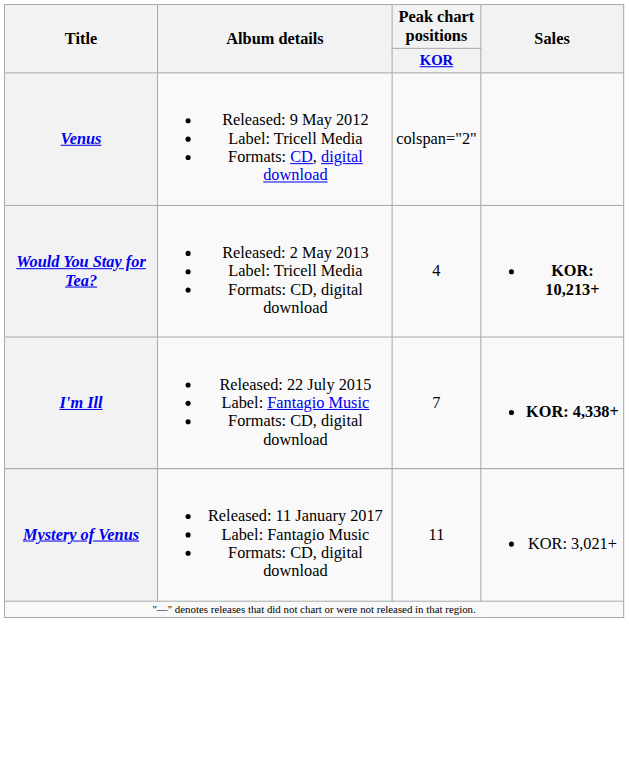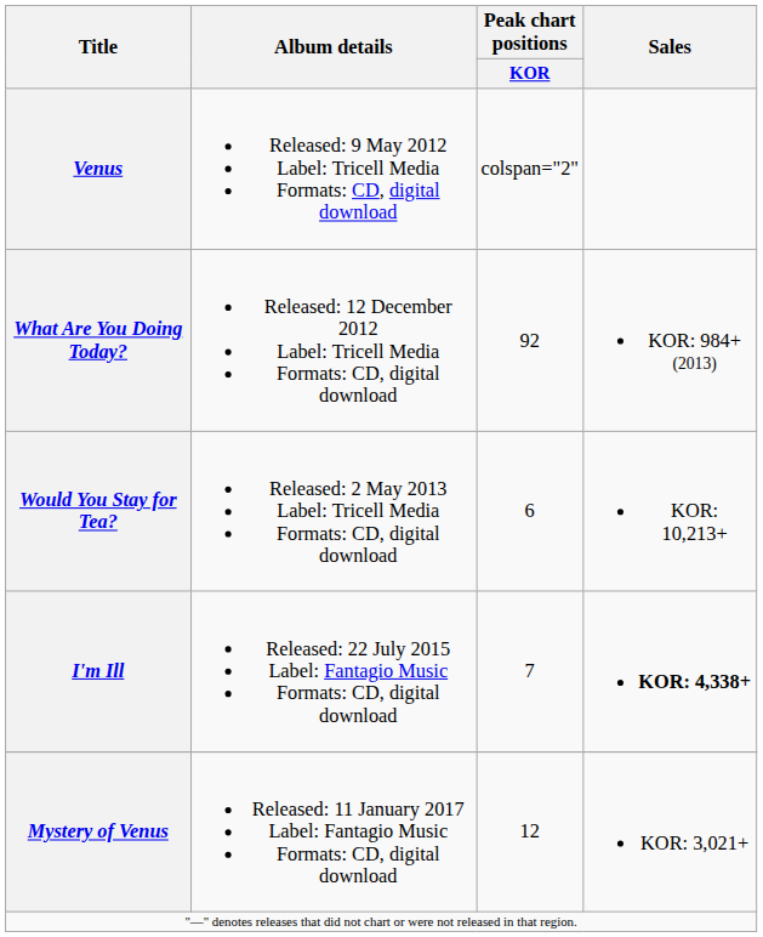 <table class="wikitable plainrowheaders" style="text-align:center;">
 <tr>
 <th scope="col" rowspan="2" style="width:15em;">Title</th>
 <th scope="col" rowspan="2" style="width:22em;">Album details</th>
 <th scope="col" colspan="1">Peak chart positions</th>
 <th scope="col" rowspan="2" style="width:11em;">Sales</th>
 </tr>
 <tr>
 <th scope="col" style="width:3em;font-size:90%;"><a href='#'>KOR</a><br></th>
 </tr>
 <tr>
 <th scope="row"><em><a href='#'>Venus</a></em></th>
 <td><br><ul><li>Released: 9 May 2012</li><li>Label: Tricell Media</li><li>Formats: <a href='#'>CD</a>, <a href='#'>digital download</a></li></ul></td>
 <td>colspan="2" </td>
 </tr>
 <tr>
+<th scope="row"><em><a href='#'>What Are You Doing Today?</a></em></th>
+<td><br><ul><li>Released: 12 December 2012</li><li>Label: Tricell Media</li><li>Formats: CD, digital download</li></ul></td>
+<td>92</td>
+<td><br><ul><li>KOR: 984+ <small>(2013)</small></li></ul></td>
+</tr>
+<tr>
 <th scope="row"><em><a href='#'>Would You Stay for Tea?</a></em></th>
 <td><br><ul><li>Released: 2 May 2013</li><li>Label: Tricell Media</li><li>Formats: CD, digital download</li></ul></td>
-<td>4</td>
-<td><strong><br><ul><li>KOR: 10,213+</li></ul></strong></td>
+<td>6</td>
+<td><br><ul><li>KOR: 10,213+</li></ul></td>
 </tr>
 <tr>
 <th scope="row"><em><a href='#'>I'm Ill</a></em></th>
 <td><br><ul><li>Released: 22 July 2015</li><li>Label: <a href='#'>Fantagio Music</a></li><li>Formats: CD, digital download</li></ul></td>
 <td>7</td>
 <td><strong><br><ul><li>KOR: 4,338+</li></ul></strong></td>
 </tr>
 <tr>
 </tr>
 <tr>
 <th scope="row"><em><a href='#'>Mystery of Venus</a></em></th>
 <td><br><ul><li>Released: 11 January 2017</li><li>Label: Fantagio Music</li><li>Formats: CD, digital download</li></ul></td>
-<td>11</td>
+<td>12</td>
 <td><br><ul><li>KOR: 3,021+</li></ul></td>
 </tr>
 <tr>
 <td colspan="4" style="font-size:8pt">"—" denotes releases that did not chart or were not released in that region.</td>
 </tr>
 </table>
